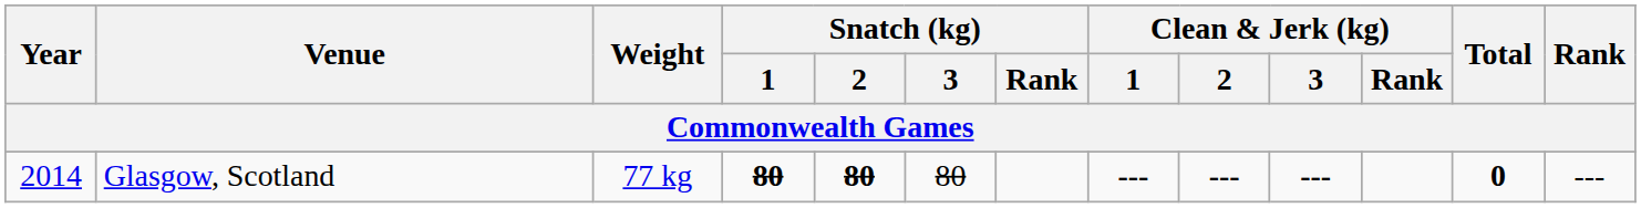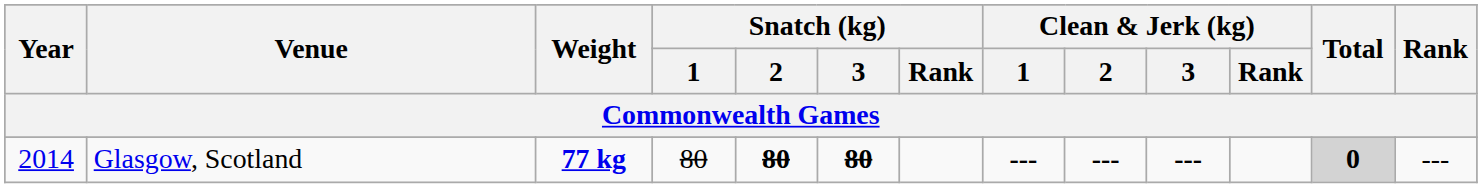 <table class = "wikitable" style="text-align:center;">
 <tr>
 <th rowspan=2 width=40>Year</th>
 <th rowspan=2 width=250>Venue</th>
 <th rowspan=2 width=60>Weight</th>
 <th colspan=4>Snatch (kg)</th>
 <th colspan=4>Clean & Jerk (kg)</th>
 <th rowspan=2 width=40>Total</th>
 <th rowspan=2 width=40>Rank</th>
 </tr>
 <tr>
 <th width=40>1</th>
 <th width=40>2</th>
 <th width=40>3</th>
 <th width=40>Rank</th>
 <th width=40>1</th>
 <th width=40>2</th>
 <th width=40>3</th>
 <th width=40>Rank</th>
 </tr>
 <tr>
 <th colspan=13><a href='#'>Commonwealth Games</a></th>
 </tr>
 <tr>
 <td><a href='#'>2014</a></td>
 <td align=left> <a href='#'>Glasgow</a>, Scotland</td>
-<td><a href='#'>77 kg</a></td>
+<td><strong><a href='#'>77 kg</a></strong></td>
+<td><s>80</s></td>
 <td><strong><s>80</s></strong></td>
 <td><strong><s>80</s></strong></td>
-<td><s>80</s></td>
 <td></td>
 <td><strong>---</strong></td>
 <td><strong>---</strong></td>
 <td><strong>---</strong></td>
 <td></td>
-<td><strong>0</strong></td>
+<td style="background: lightgrey;"><strong>0</strong></td>
 <td>---</td>
 </tr>
 </table>
